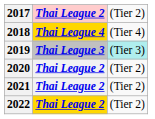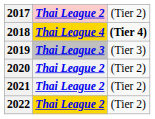 <table class="wikitable" style="text-align:center">
 <tr>
 <th>2017</th>
 <th style="background:#FFCCCC; color:firebrick;"><em><a href='#'>Thai League 2</a></em></th>
 <td>(Tier 2)</td>
 </tr>
 <tr>
 <th>2018</th>
 <th style="background:Gold; color:firebrick;"><em><a href='#'>Thai League 4</a> </em></th>
-<td>(Tier 4)</td>
+<td><strong>(Tier 4)</strong></td>
 </tr>
 <tr>
 <th>2019</th>
 <th style="background:Silver; color:firebrick;"><em><a href='#'>Thai League 3</a> </em></th>
-<td style="background: paleturquoise;">(Tier 3)</td>
+<td>(Tier 3)</td>
 </tr>
 <tr>
 <th>2020</th>
 <th style=><em><a href='#'>Thai League 2</a> </em></th>
 <td>(Tier 2)</td>
 </tr>
 <tr>
 <th>2021</th>
 <th style=><em><a href='#'>Thai League 2</a> </em></th>
 <td>(Tier 2)</td>
 </tr>
 <tr>
 <th>2022</th>
 <th style="background:Gold; color:firebrick;"><em><a href='#'>Thai League 2</a> </em></th>
 <td>(Tier 2)</td>
 </tr>
 </table>
